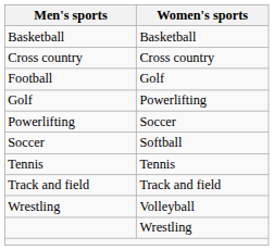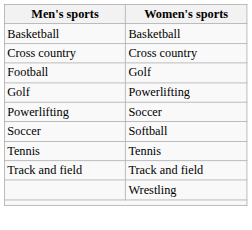 <table class="wikitable"; style= "text-align: ">
 <tr>
 <th width=150px>Men's sports</th>
 <th width=150px>Women's sports</th>
 </tr>
 <tr>
 <td>Basketball</td>
 <td>Basketball</td>
 </tr>
 <tr>
 <td>Cross country</td>
 <td>Cross country</td>
 </tr>
 <tr>
 <td>Football</td>
 <td>Golf</td>
 </tr>
 <tr>
 <td>Golf</td>
 <td>Powerlifting</td>
 </tr>
 <tr>
 <td>Powerlifting</td>
 <td>Soccer</td>
 </tr>
 <tr>
 <td>Soccer</td>
 <td>Softball</td>
 </tr>
 <tr>
 <td>Tennis</td>
 <td>Tennis</td>
 </tr>
 <tr>
 <td>Track and field</td>
 <td>Track and field</td>
 </tr>
 <tr>
-<td>Wrestling</td>
-<td>Volleyball</td>
-</tr>
-<tr>
 <td></td>
 <td>Wrestling</td>
 </tr>
 <tr>
 <td colspan=2></td>
 </tr>
 </table>
